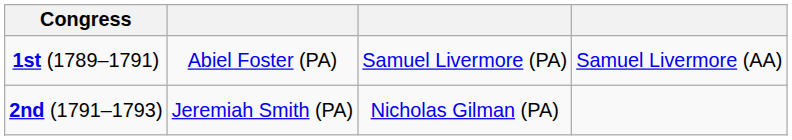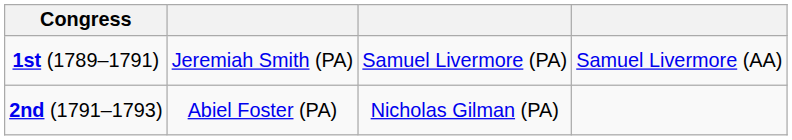 <table class=wikitable style="text-align:center">
 <tr>
 <th>Congress</th>
 <th></th>
 <th></th>
 <th></th>
 </tr>
 <tr style="height:2.5em">
 <td><strong><a href='#'>1st</a></strong> (1789–1791)</td>
-<td><a href='#'>Abiel Foster</a> (PA)</td>
+<td><a href='#'>Jeremiah Smith</a> (PA)</td>
 <td><a href='#'>Samuel Livermore</a> (PA)</td>
 <td><a href='#'>Samuel Livermore</a> (AA)</td>
 </tr>
 <tr style="height:2.5em">
 <td><strong><a href='#'>2nd</a></strong> (1791–1793)</td>
-<td><a href='#'>Jeremiah Smith</a> (PA)</td>
+<td><a href='#'>Abiel Foster</a> (PA)</td>
 <td><a href='#'>Nicholas Gilman</a> (PA)</td>
 </tr>
 </table>
